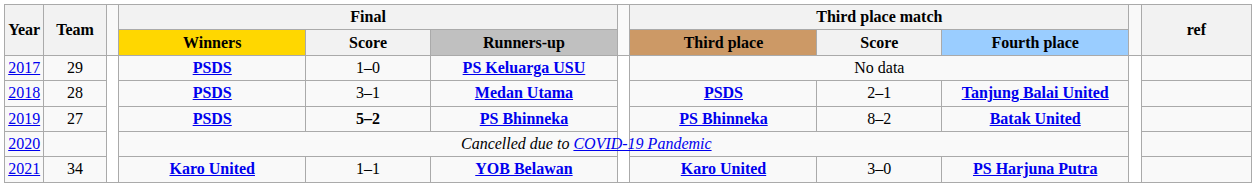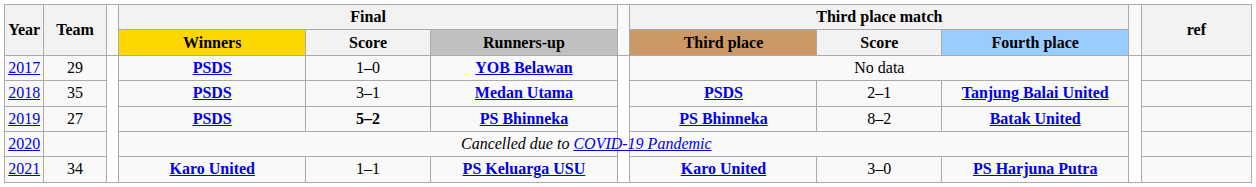 <table class="wikitable" style="text-align:center;">
 <tr>
 <th rowspan="2" style="width:2%;">Year</th>
 <th rowspan="2" style="width:5%;">Team</th>
 <td width = 1% rowspan=2></td>
 <th colspan=3>Final</th>
 <td width = 1% rowspan=2></td>
 <th colspan=3>Third place match</th>
 <td width = 1% rowspan=2></td>
 <th rowspan=2>ref</th>
 </tr>
 <tr>
 <th style="width:15%; background:gold;">Winners</th>
 <th style="width:10%;">Score</th>
 <th style="width:15%; background:silver;">Runners-up</th>
 <th style="width:15%; background:#c96;">Third place</th>
 <th style="width:10%;">Score</th>
 <th style="width:15%; background:#9acdff;">Fourth place</th>
 </tr>
 <tr bgcolor=#D0E7FF>
 </tr>
 <tr>
 <td><a href='#'>2017</a></td>
 <td align=center>29</td>
 <td bgcolor=white width = 1% rowspan=7></td>
 <td><strong><a href='#'>PSDS</a></strong></td>
 <td>1–0</td>
-<td><strong><a href='#'>PS Keluarga USU</a></strong></td>
+<td><strong><a href='#'>YOB Belawan</a></strong></td>
 <td bgcolor=white width = 1% rowspan=7></td>
 <td colspan=3>No data</td>
 <td bgcolor=white width = 1% rowspan=7></td>
 <td></td>
 </tr>
 <tr>
 <td><a href='#'>2018</a></td>
-<td align=center>28</td>
+<td align=center>35</td>
 <td><strong><a href='#'>PSDS</a></strong></td>
 <td>3–1</td>
 <td><strong><a href='#'>Medan Utama</a></strong></td>
 <td><strong><a href='#'>PSDS</a></strong></td>
 <td>2–1</td>
 <td><strong><a href='#'>Tanjung Balai United</a></strong></td>
 <td></td>
 </tr>
 <tr>
 <td><a href='#'>2019</a></td>
 <td align=center>27</td>
 <td><strong><a href='#'>PSDS</a></strong></td>
 <td><strong>5–2</strong></td>
 <td><strong><a href='#'>PS Bhinneka</a></strong></td>
 <td><strong><a href='#'>PS Bhinneka</a></strong></td>
 <td>8–2</td>
 <td><strong><a href='#'>Batak United</a></strong></td>
 <td></td>
 </tr>
 <tr>
 <td><a href='#'>2020</a></td>
 <td colspan=9><em>Cancelled due to <a href='#'>COVID-19 Pandemic</a></em></td>
 </tr>
 <tr>
 <td><a href='#'>2021</a></td>
 <td align=center>34</td>
 <td><strong><a href='#'>Karo United</a></strong></td>
 <td>1–1 <br> </td>
-<td><strong><a href='#'>YOB Belawan</a></strong></td>
+<td><strong><a href='#'>PS Keluarga USU</a></strong></td>
 <td><strong><a href='#'>Karo United</a></strong></td>
 <td>3–0</td>
 <td><strong><a href='#'>PS Harjuna Putra</a></strong></td>
 <td></td>
 </tr>
 </table>
